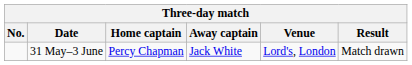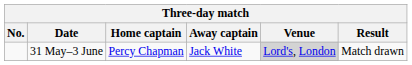 <table class="wikitable">
 <tr>
 <th colspan="9">Three-day match</th>
 </tr>
 <tr>
 <th>No.</th>
 <th>Date</th>
 <th>Home captain</th>
 <th>Away captain</th>
 <th>Venue</th>
 <th>Result</th>
 </tr>
 <tr>
 <td></td>
 <td>31 May–3 June</td>
 <td><a href='#'>Percy Chapman</a></td>
 <td><a href='#'>Jack White</a></td>
-<td><a href='#'>Lord's</a>, <a href='#'>London</a></td>
+<td style="background: lightgrey;"><a href='#'>Lord's</a>, <a href='#'>London</a></td>
 <td>Match drawn</td>
 </tr>
 </table>
